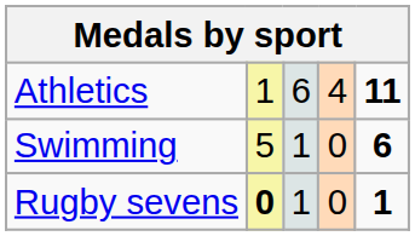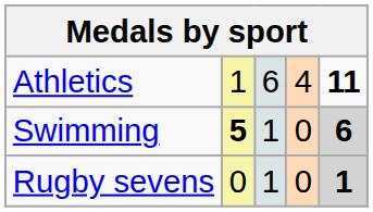 <table class="wikitable" style="font-size:90%; text-align:center;">
 <tr>
 <th colspan="5">Medals by sport</th>
 </tr>
 <tr>
 <td align="left"><a href='#'>Athletics</a></td>
 <td style="background:#F7F6A8;">1</td>
 <td style="background:#DCE5E5;">6</td>
 <td style="background:#FFDAB9;">4</td>
 <td><strong>11</strong></td>
 </tr>
 <tr>
 <td align="left"><a href='#'>Swimming</a></td>
-<td style="background:#F7F6A8;">5</td>
+<td style="background:#F7F6A8;"><strong>5</strong></td>
 <td style="background:#DCE5E5;">1</td>
 <td style="background:#FFDAB9;">0</td>
-<td><strong>6</strong></td>
+<td style="background: lightgrey;"><strong>6</strong></td>
 </tr>
 <tr>
 <td align="left"><a href='#'>Rugby sevens</a></td>
-<td style="background:#F7F6A8;"><strong>0</strong></td>
+<td style="background:#F7F6A8;">0</td>
 <td style="background:#DCE5E5;">1</td>
 <td style="background:#FFDAB9;">0</td>
-<td><strong>1</strong></td>
+<td style="background: lightgrey;"><strong>1</strong></td>
 </tr>
 </table>
